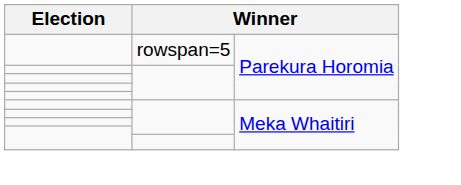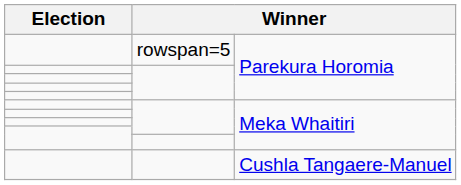 <table class=wikitable>
 <tr>
 <th width=100>Election</th>
 <th width=175 colspan=2>Winner</th>
 </tr>
 <tr>
 <td></td>
 <td>rowspan=5 </td>
 <td rowspan=5><a href='#'>Parekura Horomia</a></td>
 </tr>
 <tr>
 <td></td>
 </tr>
 <tr>
 <td></td>
 </tr>
 <tr>
 <td></td>
 </tr>
 <tr>
 <td></td>
 </tr>
 <tr>
 <td></td>
 <td rowspan=3 style="border-bottom:solid 0 grey; background:"></td>
 <td rowspan=5><a href='#'>Meka Whaitiri</a></td>
 </tr>
 <tr>
 <td></td>
 </tr>
 <tr>
 <td></td>
 </tr>
 <tr>
 <td rowspan = 2></td>
 <td style="border-top:solid 0 grey; background:"></td>
 </tr>
 <tr>
 <td height=5 style="border-top:solid 0 grey; background:"></td>
 </tr>
+<tr>
+<td></td>
+<td></td>
+<td><a href='#'>Cushla Tangaere-Manuel</a></td>
+</tr>
 </table>
